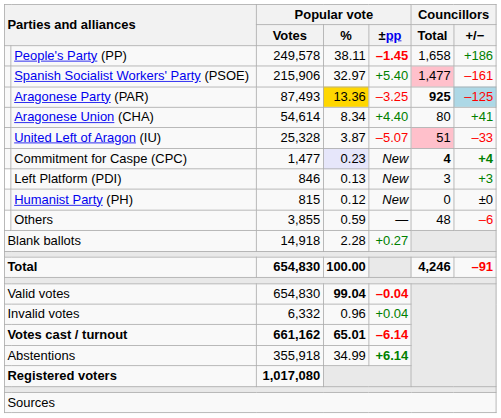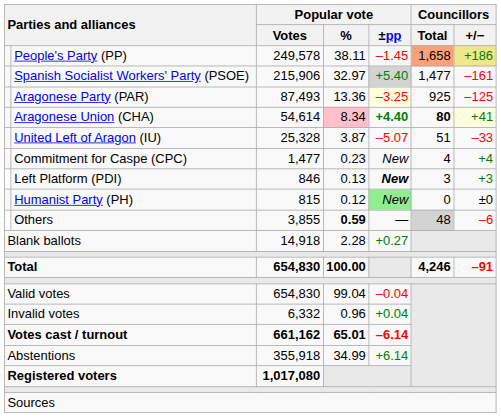 <table class="wikitable" style="text-align:right;">
 <tr>
 <th style="text-align:left;" rowspan="2" colspan="2" width="525">Parties and alliances</th>
 <th colspan="3">Popular vote</th>
 <th colspan="2">Councillors</th>
 </tr>
 <tr>
 <th width="75">Votes</th>
 <th width="45">%</th>
 <th width="45">±<a href='#'>pp</a></th>
 <th width="45">Total</th>
 <th width="45">+/−</th>
 </tr>
 <tr>
 <td width="1" style="color:inherit;background:"></td>
 <td align="left"><a href='#'>People's Party</a> (PP)</td>
 <td>249,578</td>
 <td>38.11</td>
-<td style="color:red;"><strong>–1.45</strong></td>
-<td>1,658</td>
-<td style="color:green;">+186</td>
+<td style="color:red;">–1.45</td>
+<td style="background: lightsalmon;">1,658</td>
+<td style="background: khaki; color:green;">+186</td>
 </tr>
 <tr>
 <td style="color:inherit;background:"></td>
 <td align="left"><a href='#'>Spanish Socialist Workers' Party</a> (PSOE)</td>
 <td>215,906</td>
 <td>32.97</td>
-<td style="color:green;">+5.40</td>
-<td style="background: pink;">1,477</td>
+<td style="background: lightgrey; color:green;">+5.40</td>
+<td>1,477</td>
 <td style="color:red;">–161</td>
 </tr>
 <tr>
 <td style="color:inherit;background:"></td>
 <td align="left"><a href='#'>Aragonese Party</a> (PAR)</td>
 <td>87,493</td>
-<td style="background: gold;">13.36</td>
-<td style="color:red;">–3.25</td>
-<td><strong>925</strong></td>
-<td style="background: lightblue; color:red;">–125</td>
+<td>13.36</td>
+<td style="background: lightyellow; color:red;">–3.25</td>
+<td>925</td>
+<td style="color:red;">–125</td>
 </tr>
 <tr>
 <td style="color:inherit;background:"></td>
 <td align="left"><a href='#'>Aragonese Union</a> (CHA)</td>
 <td>54,614</td>
-<td>8.34</td>
-<td style="color:green;">+4.40</td>
-<td>80</td>
-<td style="color:green;">+41</td>
+<td style="background: pink;">8.34</td>
+<td style="color:green;"><strong>+4.40</strong></td>
+<td><strong>80</strong></td>
+<td style="background: lightyellow; color:green;">+41</td>
 </tr>
 <tr>
 <td style="color:inherit;background:"></td>
 <td align="left"><a href='#'>United Left of Aragon</a> (IU)</td>
 <td>25,328</td>
 <td>3.87</td>
 <td style="color:red;">–5.07</td>
-<td style="background: pink;">51</td>
+<td>51</td>
 <td style="color:red;">–33</td>
 </tr>
 <tr>
 <td style="color:inherit;background:"></td>
 <td align="left">Commitment for Caspe (CPC)</td>
 <td>1,477</td>
-<td style="background: lavender;">0.23</td>
+<td>0.23</td>
 <td><em>New</em></td>
-<td><strong>4</strong></td>
-<td style="color:green;"><strong>+4</strong></td>
+<td>4</td>
+<td style="color:green;">+4</td>
 </tr>
 <tr>
 <td bgcolor="white"></td>
 <td align="left">Left Platform (PDI)</td>
 <td>846</td>
 <td>0.13</td>
-<td><em>New</em></td>
+<td><strong><em>New</em></strong></td>
 <td>3</td>
 <td style="color:green;">+3</td>
 </tr>
 <tr>
 <td style="color:inherit;background:"></td>
 <td align="left"><a href='#'>Humanist Party</a> (PH)</td>
 <td>815</td>
 <td>0.12</td>
-<td><em>New</em></td>
+<td style="background: lightgreen;"><em>New</em></td>
 <td>0</td>
 <td>±0</td>
 </tr>
 <tr>
 <td bgcolor="white"></td>
 <td align="left">Others</td>
 <td>3,855</td>
-<td>0.59</td>
+<td><strong>0.59</strong></td>
 <td>—</td>
-<td>48</td>
+<td style="background: lightgrey;">48</td>
 <td style="color:red;">–6</td>
 </tr>
 <tr>
 <td align="left" colspan="2">Blank ballots</td>
 <td>14,918</td>
 <td>2.28</td>
 <td style="color:green;">+0.27</td>
 <td bgcolor="#E9E9E9" colspan="2"></td>
 </tr>
 <tr>
 <td colspan="7" bgcolor="#E9E9E9"></td>
 </tr>
 <tr style="font-weight:bold;">
 <td align="left" colspan="2">Total</td>
 <td>654,830</td>
 <td>100.00</td>
 <td bgcolor="#E9E9E9"></td>
 <td>4,246</td>
 <td style="color:red;">–91</td>
 </tr>
 <tr>
 <td colspan="7" bgcolor="#E9E9E9"></td>
 </tr>
 <tr>
 <td align="left" colspan="2">Valid votes</td>
 <td>654,830</td>
-<td><strong>99.04</strong></td>
-<td style="color:red;"><strong>–0.04</strong></td>
+<td>99.04</td>
+<td style="color:red;">–0.04</td>
 <td bgcolor="#E9E9E9" colspan="2" rowspan="5"></td>
 </tr>
 <tr>
 <td align="left" colspan="2">Invalid votes</td>
 <td>6,332</td>
 <td>0.96</td>
 <td style="color:green;">+0.04</td>
 </tr>
 <tr style="font-weight:bold;">
 <td align="left" colspan="2">Votes cast / turnout</td>
 <td>661,162</td>
 <td>65.01</td>
 <td style="color:red;">–6.14</td>
 </tr>
 <tr>
 <td align="left" colspan="2">Abstentions</td>
 <td>355,918</td>
 <td>34.99</td>
-<td style="color:green;"><strong>+6.14</strong></td>
+<td style="color:green;">+6.14</td>
 </tr>
 <tr style="font-weight:bold;">
 <td align="left" colspan="2">Registered voters</td>
 <td>1,017,080</td>
 <td bgcolor="#E9E9E9" colspan="2"></td>
 </tr>
 <tr>
 <td colspan="7" bgcolor="#E9E9E9"></td>
 </tr>
 <tr>
 <td align="left" colspan="7">Sources</td>
 </tr>
 </table>
